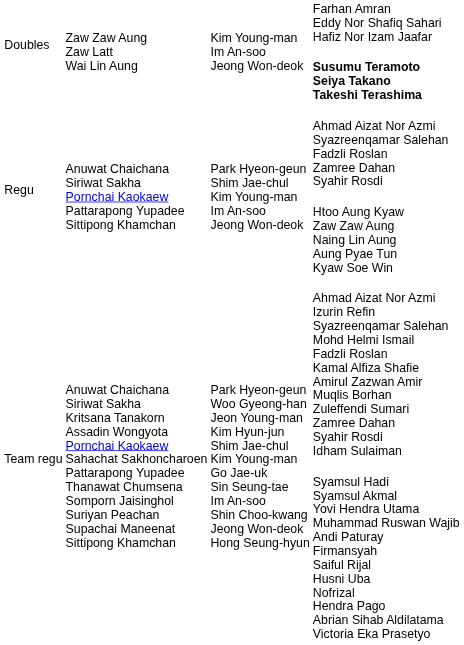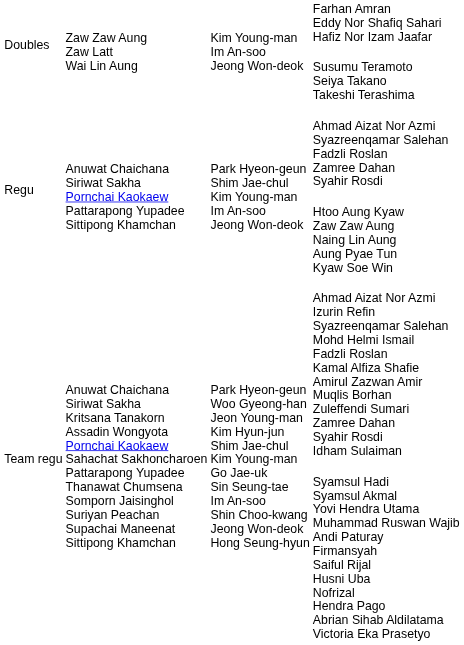 <table>
 <tr>
 <td rowspan=2>Doubles<br></td>
 <td rowspan=2><br>Zaw Zaw Aung<br>Zaw Latt<br>Wai Lin Aung</td>
 <td rowspan=2><br>Kim Young-man<br>Im An-soo<br>Jeong Won-deok</td>
 <td><br>Farhan Amran<br>Eddy Nor Shafiq Sahari<br>Hafiz Nor Izam Jaafar</td>
 </tr>
 <tr>
-<td><strong><br>Susumu Teramoto<br>Seiya Takano<br>Takeshi Terashima</strong></td>
+<td><br>Susumu Teramoto<br>Seiya Takano<br>Takeshi Terashima</td>
 </tr>
 <tr>
 <td rowspan=2>Regu<br></td>
 <td rowspan=2><br>Anuwat Chaichana<br>Siriwat Sakha<br><a href='#'>Pornchai Kaokaew</a><br>Pattarapong Yupadee<br>Sittipong Khamchan</td>
 <td rowspan=2><br>Park Hyeon-geun<br>Shim Jae-chul<br>Kim Young-man<br>Im An-soo<br>Jeong Won-deok</td>
 <td><br>Ahmad Aizat Nor Azmi<br>Syazreenqamar Salehan<br>Fadzli Roslan<br>Zamree Dahan<br>Syahir Rosdi</td>
 </tr>
 <tr>
 <td><br>Htoo Aung Kyaw<br>Zaw Zaw Aung<br>Naing Lin Aung<br>Aung Pyae Tun<br>Kyaw Soe Win</td>
 </tr>
 <tr>
 <td rowspan=2>Team regu<br></td>
 <td rowspan=2><br>Anuwat Chaichana<br>Siriwat Sakha<br>Kritsana Tanakorn<br>Assadin Wongyota<br><a href='#'>Pornchai Kaokaew</a><br>Sahachat Sakhoncharoen<br>Pattarapong Yupadee<br>Thanawat Chumsena<br>Somporn Jaisinghol<br>Suriyan Peachan<br>Supachai Maneenat<br>Sittipong Khamchan</td>
 <td rowspan=2><br>Park Hyeon-geun<br>Woo Gyeong-han<br>Jeon Young-man<br>Kim Hyun-jun<br>Shim Jae-chul<br>Kim Young-man<br>Go Jae-uk<br>Sin Seung-tae<br>Im An-soo<br>Shin Choo-kwang<br>Jeong Won-deok<br>Hong Seung-hyun</td>
 <td><br>Ahmad Aizat Nor Azmi<br>Izurin Refin<br>Syazreenqamar Salehan<br>Mohd Helmi Ismail<br>Fadzli Roslan<br>Kamal Alfiza Shafie<br>Amirul Zazwan Amir<br>Muqlis Borhan<br>Zuleffendi Sumari<br>Zamree Dahan<br>Syahir Rosdi<br>Idham Sulaiman</td>
 </tr>
 <tr>
 <td><br>Syamsul Hadi<br>Syamsul Akmal<br>Yovi Hendra Utama<br>Muhammad Ruswan Wajib<br>Andi Paturay<br>Firmansyah<br>Saiful Rijal<br>Husni Uba<br>Nofrizal<br>Hendra Pago<br>Abrian Sihab Aldilatama<br>Victoria Eka Prasetyo</td>
 </tr>
 </table>
